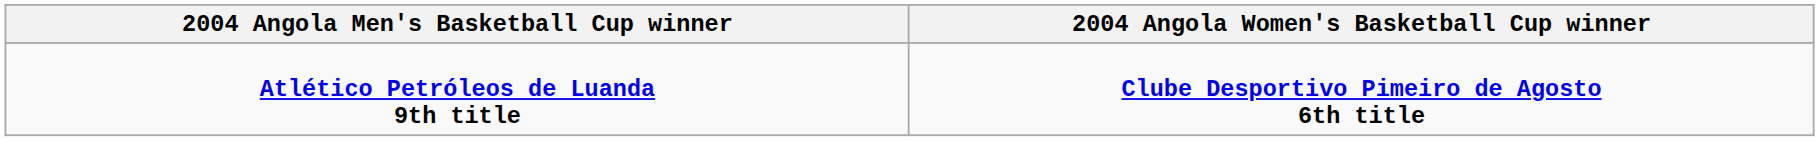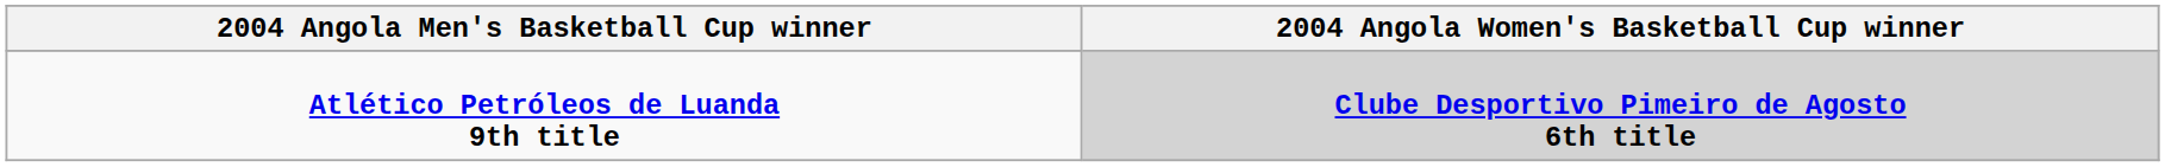 <table class=wikitable style="text-align:center; width: 1000px; margin:auto">
 <tr>
 <th width=600px>2004 Angola Men's Basketball Cup winner</th>
 <th width=600px>2004 Angola Women's Basketball Cup winner</th>
 </tr>
 <tr>
 <td><br><strong><a href='#'>Atlético Petróleos de Luanda</a></strong><br><strong>9th title</strong></td>
-<td><br><strong><a href='#'>Clube Desportivo Pimeiro de Agosto</a></strong><br><strong>6th title</strong></td>
+<td style="background: lightgrey;"><br><strong><a href='#'>Clube Desportivo Pimeiro de Agosto</a></strong><br><strong>6th title</strong></td>
 </tr>
 </table>
